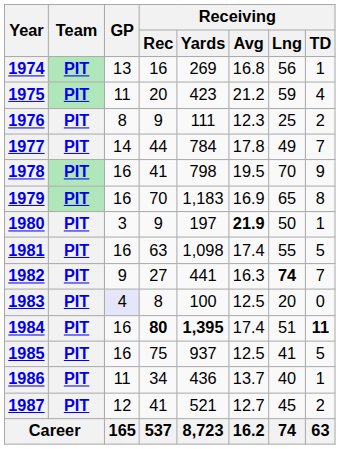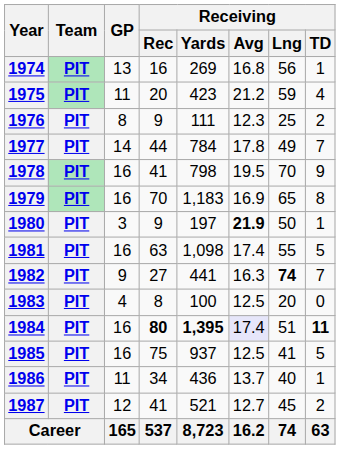 <table class="wikitable" style="text-align:center;">
 <tr>
 <th rowspan="2">Year</th>
 <th rowspan="2">Team</th>
 <th rowspan="2">GP</th>
 <th colspan="5">Receiving</th>
 </tr>
 <tr>
 <th>Rec</th>
 <th>Yards</th>
 <th>Avg</th>
 <th>Lng</th>
 <th>TD</th>
 </tr>
 <tr>
 <th><a href='#'>1974</a></th>
 <th style="background:#afe6ba; width:3em;"><a href='#'>PIT</a></th>
 <td>13</td>
 <td>16</td>
 <td>269</td>
 <td>16.8</td>
 <td>56</td>
 <td>1</td>
 </tr>
 <tr>
 <th><a href='#'>1975</a></th>
 <th style="background:#afe6ba; width:3em;"><a href='#'>PIT</a></th>
 <td>11</td>
 <td>20</td>
 <td>423</td>
 <td>21.2</td>
 <td>59</td>
 <td>4</td>
 </tr>
 <tr>
 <th><a href='#'>1976</a></th>
 <th><a href='#'>PIT</a></th>
 <td>8</td>
 <td>9</td>
 <td>111</td>
 <td>12.3</td>
 <td>25</td>
 <td>2</td>
 </tr>
 <tr>
 <th><a href='#'>1977</a></th>
 <th><a href='#'>PIT</a></th>
 <td>14</td>
 <td>44</td>
 <td>784</td>
 <td>17.8</td>
 <td>49</td>
 <td>7</td>
 </tr>
 <tr>
 <th><a href='#'>1978</a></th>
 <th style="background:#afe6ba; width:3em;"><a href='#'>PIT</a></th>
 <td>16</td>
 <td>41</td>
 <td>798</td>
 <td>19.5</td>
 <td>70</td>
 <td>9</td>
 </tr>
 <tr>
 <th><a href='#'>1979</a></th>
 <th style="background:#afe6ba; width:3em;"><a href='#'>PIT</a></th>
 <td>16</td>
 <td>70</td>
 <td>1,183</td>
 <td>16.9</td>
 <td>65</td>
 <td>8</td>
 </tr>
 <tr>
 <th><a href='#'>1980</a></th>
 <th><a href='#'>PIT</a></th>
 <td>3</td>
 <td>9</td>
 <td>197</td>
 <td><strong>21.9</strong></td>
 <td>50</td>
 <td>1</td>
 </tr>
 <tr>
 <th><a href='#'>1981</a></th>
 <th><a href='#'>PIT</a></th>
 <td>16</td>
 <td>63</td>
 <td>1,098</td>
 <td>17.4</td>
 <td>55</td>
 <td>5</td>
 </tr>
 <tr>
 <th><a href='#'>1982</a></th>
 <th><a href='#'>PIT</a></th>
 <td>9</td>
 <td>27</td>
 <td>441</td>
 <td>16.3</td>
 <td><strong>74</strong></td>
 <td>7</td>
 </tr>
 <tr>
 <th><a href='#'>1983</a></th>
 <th><a href='#'>PIT</a></th>
-<td style="background: lavender;">4</td>
+<td>4</td>
 <td>8</td>
 <td>100</td>
 <td>12.5</td>
 <td>20</td>
 <td>0</td>
 </tr>
 <tr>
 <th><a href='#'>1984</a></th>
 <th><a href='#'>PIT</a></th>
 <td>16</td>
 <td><strong>80</strong></td>
 <td><strong>1,395</strong></td>
-<td>17.4</td>
+<td style="background: lavender;">17.4</td>
 <td>51</td>
 <td><strong>11</strong></td>
 </tr>
 <tr>
 <th><a href='#'>1985</a></th>
 <th><a href='#'>PIT</a></th>
 <td>16</td>
 <td>75</td>
 <td>937</td>
 <td>12.5</td>
 <td>41</td>
 <td>5</td>
 </tr>
 <tr>
 <th><a href='#'>1986</a></th>
 <th><a href='#'>PIT</a></th>
 <td>11</td>
 <td>34</td>
 <td>436</td>
 <td>13.7</td>
 <td>40</td>
 <td>1</td>
 </tr>
 <tr>
 <th><a href='#'>1987</a></th>
 <th><a href='#'>PIT</a></th>
 <td>12</td>
 <td>41</td>
 <td>521</td>
 <td>12.7</td>
 <td>45</td>
 <td>2</td>
 </tr>
 <tr>
 <th colspan="2">Career</th>
 <th>165</th>
 <th>537</th>
 <th>8,723</th>
 <th>16.2</th>
 <th>74</th>
 <th>63</th>
 </tr>
 </table>
